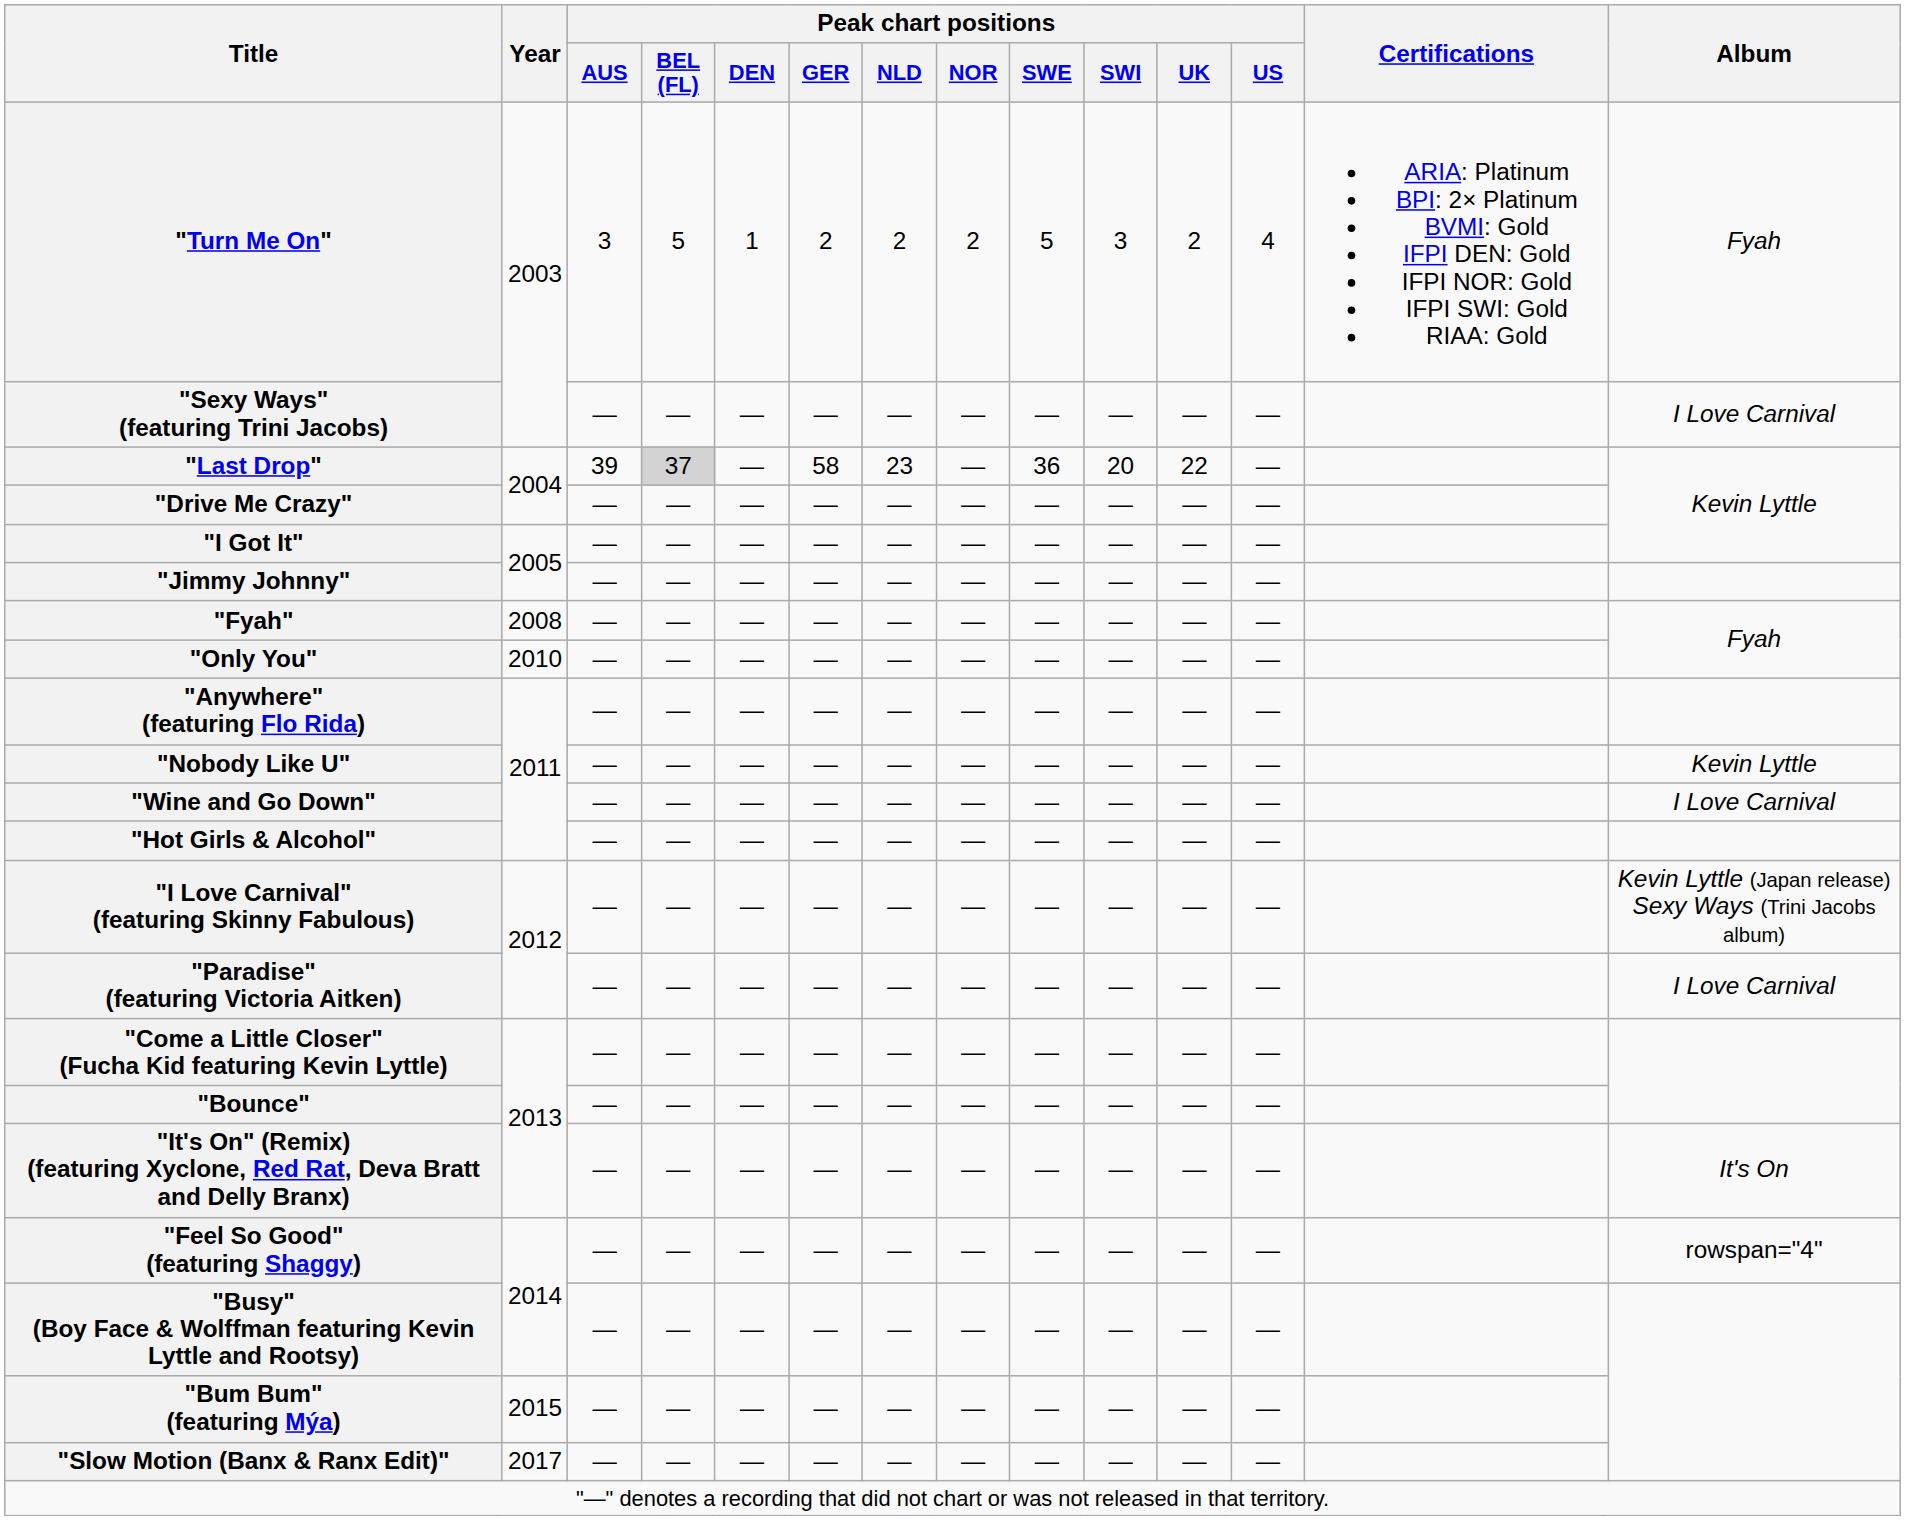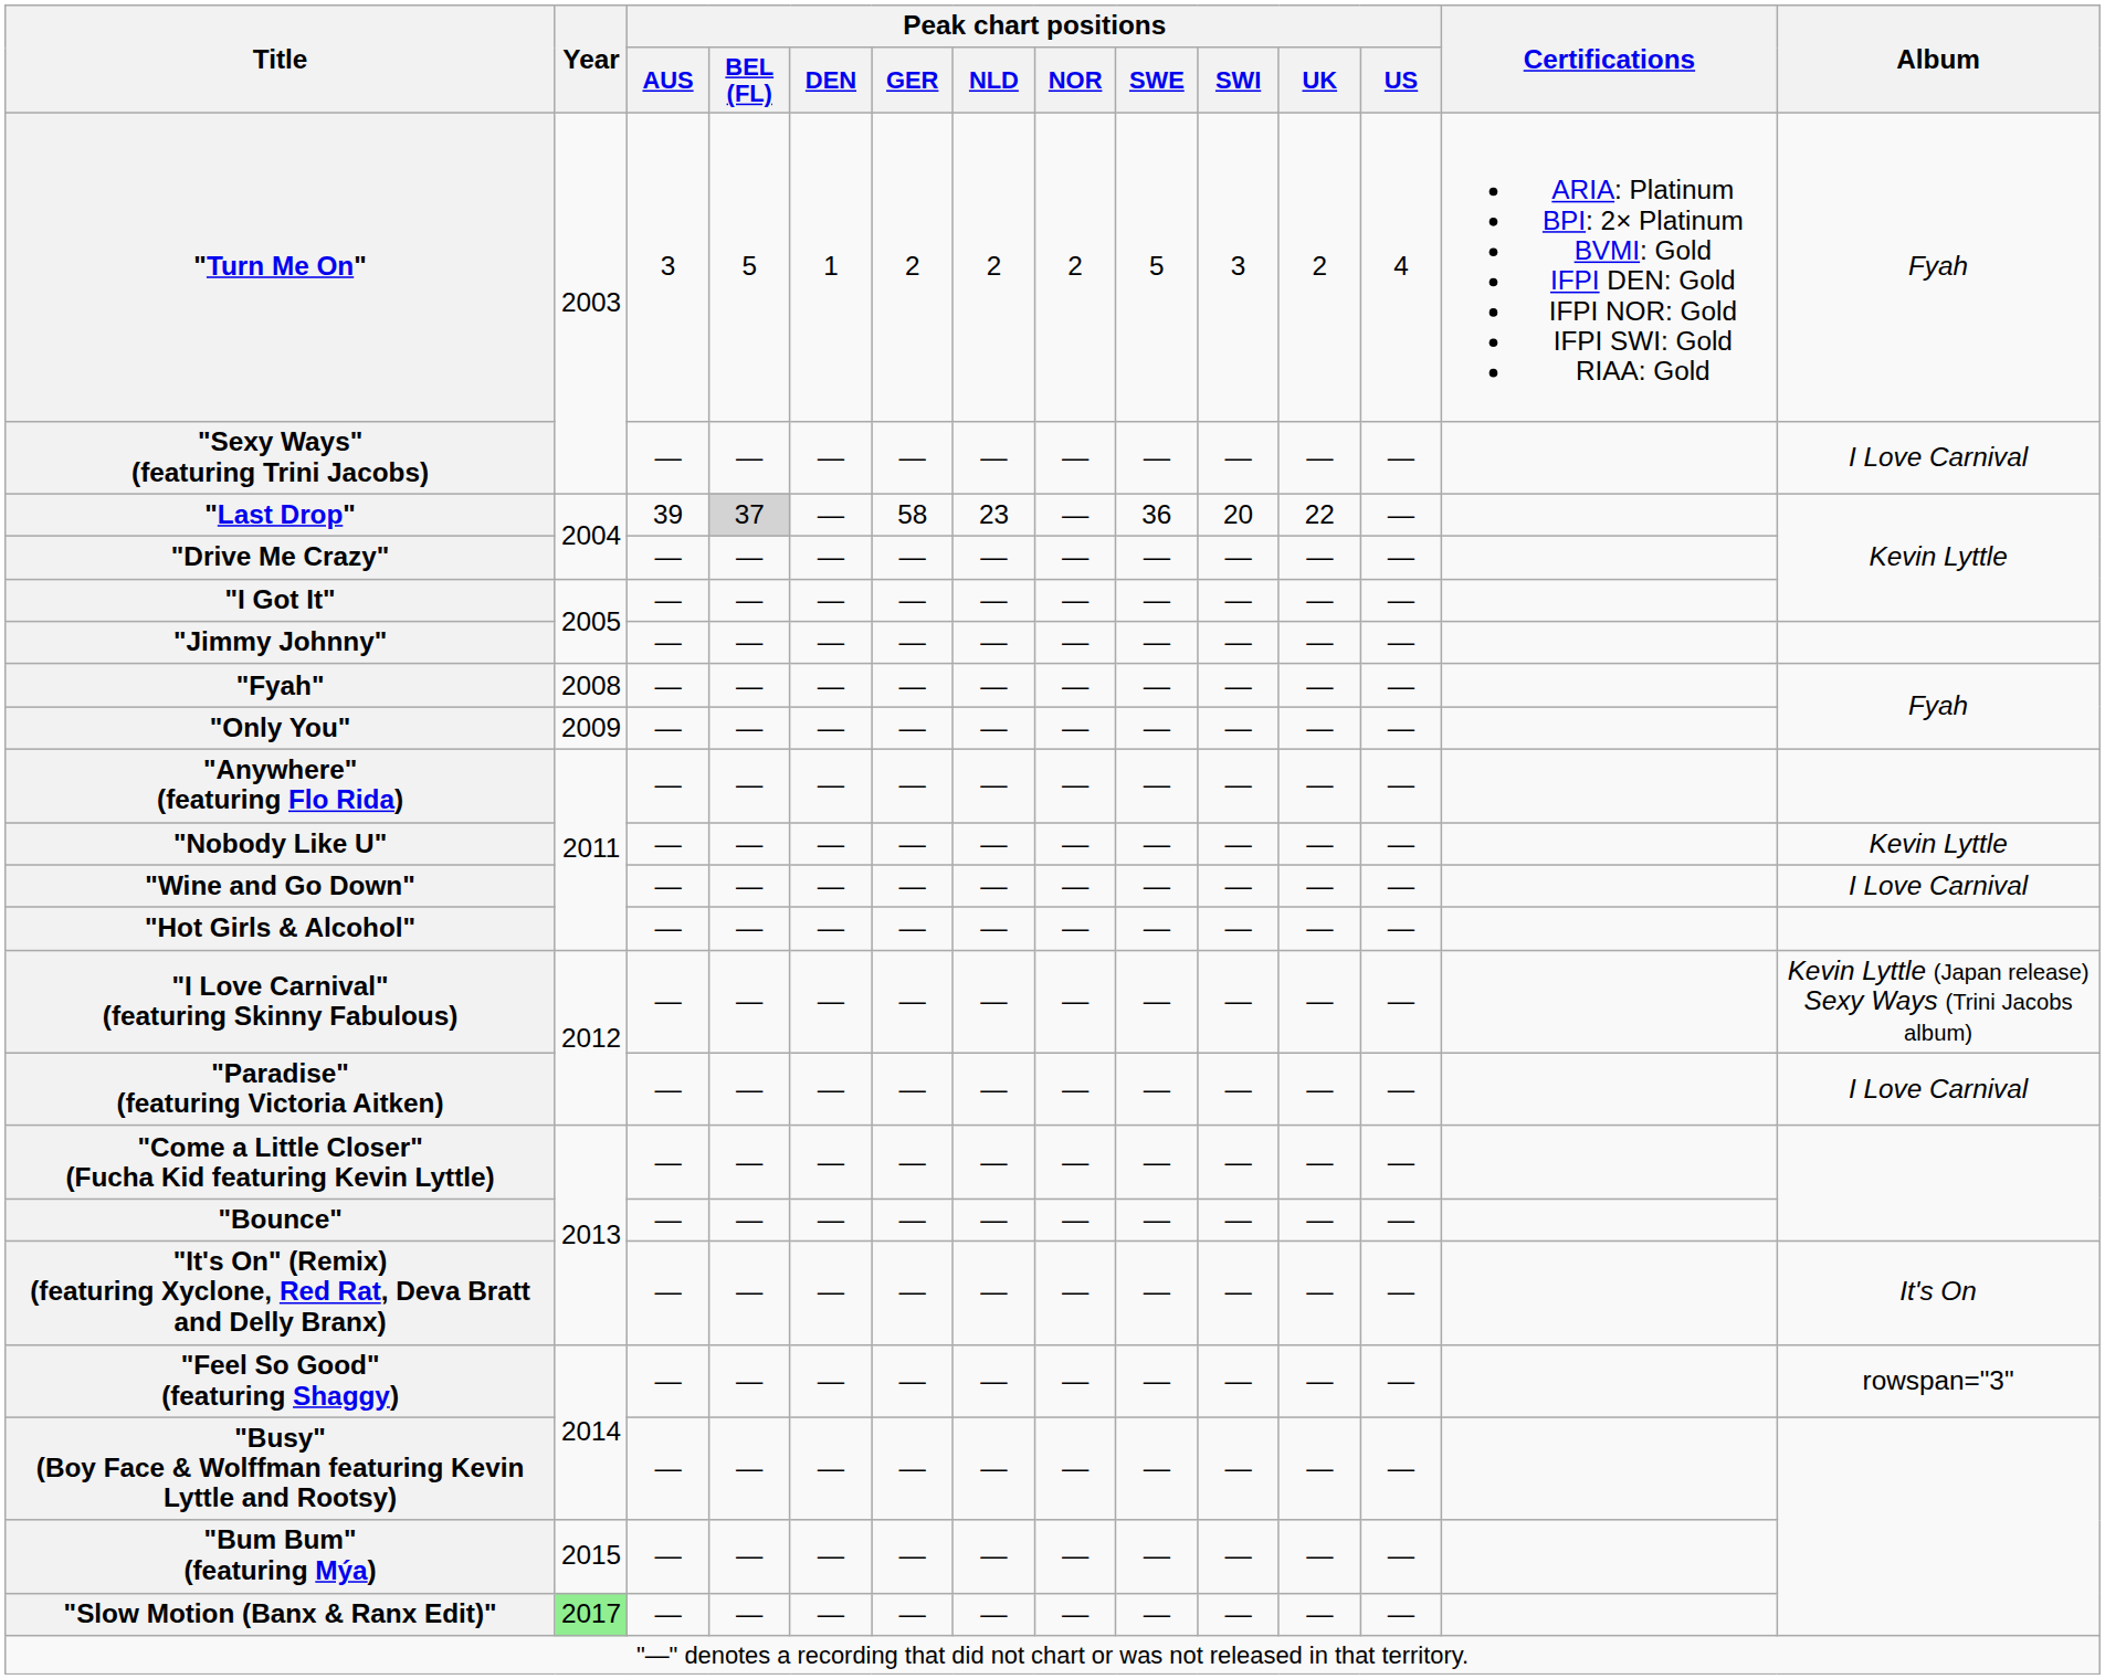 <table class="wikitable plainrowheaders" style="text-align:center;">
 <tr>
 <th scope="col" rowspan="2" style="width:20em;">Title</th>
 <th scope="col" rowspan="2">Year</th>
 <th scope="col" colspan="10">Peak chart positions</th>
 <th scope="col" rowspan="2" style="width:12em;"><a href='#'>Certifications</a></th>
 <th scope="col" rowspan="2">Album</th>
 </tr>
 <tr>
 <th scope="col" style="width:2.9em;font-size:90%;"><a href='#'>AUS</a><br></th>
 <th scope="col" style="width:2.9em;font-size:90%;"><a href='#'>BEL<br>(FL)</a><br></th>
 <th scope="col" style="width:2.9em;font-size:90%;"><a href='#'>DEN</a><br></th>
 <th scope="col" style="width:2.9em;font-size:90%;"><a href='#'>GER</a><br></th>
 <th scope="col" style="width:2.9em;font-size:90%;"><a href='#'>NLD</a><br></th>
 <th scope="col" style="width:2.9em;font-size:90%;"><a href='#'>NOR</a><br></th>
 <th scope="col" style="width:2.9em;font-size:90%;"><a href='#'>SWE</a><br></th>
 <th scope="col" style="width:2.9em;font-size:90%;"><a href='#'>SWI</a><br></th>
 <th scope="col" style="width:2.9em;font-size:90%;"><a href='#'>UK</a><br></th>
 <th scope="col" style="width:2.9em;font-size:90%;"><a href='#'>US</a><br></th>
 </tr>
 <tr>
 <th scope="row">"<a href='#'>Turn Me On</a>"</th>
 <td rowspan="2">2003</td>
 <td>3</td>
 <td>5</td>
 <td>1</td>
 <td>2</td>
 <td>2</td>
 <td>2</td>
 <td>5</td>
 <td>3</td>
 <td>2</td>
 <td>4</td>
 <td><br><ul><li><a href='#'>ARIA</a>: Platinum</li><li><a href='#'>BPI</a>: 2× Platinum</li><li><a href='#'>BVMI</a>: Gold</li><li><a href='#'>IFPI</a> DEN: Gold</li><li>IFPI NOR: Gold</li><li>IFPI SWI: Gold</li><li>RIAA: Gold</li></ul></td>
 <td><em>Fyah</em></td>
 </tr>
 <tr>
 <th scope="row">"Sexy Ways"<br><span>(featuring Trini Jacobs)</span></th>
 <td>—</td>
 <td>—</td>
 <td>—</td>
 <td>—</td>
 <td>—</td>
 <td>—</td>
 <td>—</td>
 <td>—</td>
 <td>—</td>
 <td>—</td>
 <td></td>
 <td><em>I Love Carnival</em></td>
 </tr>
 <tr>
 <th scope="row">"<a href='#'>Last Drop</a>"</th>
 <td rowspan="2">2004</td>
 <td>39</td>
 <td style="background: lightgrey;">37</td>
 <td>—</td>
 <td>58</td>
 <td>23</td>
 <td>—</td>
 <td>36</td>
 <td>20</td>
 <td>22</td>
 <td>—</td>
 <td></td>
 <td rowspan="3"><em>Kevin Lyttle</em></td>
 </tr>
 <tr>
 <th scope="row">"Drive Me Crazy"</th>
 <td>—</td>
 <td>—</td>
 <td>—</td>
 <td>—</td>
 <td>—</td>
 <td>—</td>
 <td>—</td>
 <td>—</td>
 <td>—</td>
 <td>—</td>
 <td></td>
 </tr>
 <tr>
 <th scope="row">"I Got It"</th>
 <td rowspan="2">2005</td>
 <td>—</td>
 <td>—</td>
 <td>—</td>
 <td>—</td>
 <td>—</td>
 <td>—</td>
 <td>—</td>
 <td>—</td>
 <td>—</td>
 <td>—</td>
 <td></td>
 </tr>
 <tr>
 <th scope="row">"Jimmy Johnny"</th>
 <td>—</td>
 <td>—</td>
 <td>—</td>
 <td>—</td>
 <td>—</td>
 <td>—</td>
 <td>—</td>
 <td>—</td>
 <td>—</td>
 <td>—</td>
 <td></td>
 <td></td>
 </tr>
 <tr>
 <th scope="row">"Fyah"</th>
 <td>2008</td>
 <td>—</td>
 <td>—</td>
 <td>—</td>
 <td>—</td>
 <td>—</td>
 <td>—</td>
 <td>—</td>
 <td>—</td>
 <td>—</td>
 <td>—</td>
 <td></td>
 <td rowspan="2"><em>Fyah</em></td>
 </tr>
 <tr>
 <th scope="row">"Only You"</th>
-<td>2010</td>
+<td>2009</td>
 <td>—</td>
 <td>—</td>
 <td>—</td>
 <td>—</td>
 <td>—</td>
 <td>—</td>
 <td>—</td>
 <td>—</td>
 <td>—</td>
 <td>—</td>
 <td></td>
 </tr>
 <tr>
 <th scope="row">"Anywhere"<br><span>(featuring <a href='#'>Flo Rida</a>)</span></th>
 <td rowspan="4">2011</td>
 <td>—</td>
 <td>—</td>
 <td>—</td>
 <td>—</td>
 <td>—</td>
 <td>—</td>
 <td>—</td>
 <td>—</td>
 <td>—</td>
 <td>—</td>
 <td></td>
 <td></td>
 </tr>
 <tr>
 <th scope="row">"Nobody Like U"</th>
 <td>—</td>
 <td>—</td>
 <td>—</td>
 <td>—</td>
 <td>—</td>
 <td>—</td>
 <td>—</td>
 <td>—</td>
 <td>—</td>
 <td>—</td>
 <td></td>
 <td><em>Kevin Lyttle</em></td>
 </tr>
 <tr>
 <th scope="row">"Wine and Go Down"</th>
 <td>—</td>
 <td>—</td>
 <td>—</td>
 <td>—</td>
 <td>—</td>
 <td>—</td>
 <td>—</td>
 <td>—</td>
 <td>—</td>
 <td>—</td>
 <td></td>
 <td><em>I Love Carnival</em></td>
 </tr>
 <tr>
 <th scope="row">"Hot Girls & Alcohol"</th>
 <td>—</td>
 <td>—</td>
 <td>—</td>
 <td>—</td>
 <td>—</td>
 <td>—</td>
 <td>—</td>
 <td>—</td>
 <td>—</td>
 <td>—</td>
 <td></td>
 <td></td>
 </tr>
 <tr>
 <th scope="row">"I Love Carnival"<br><span>(featuring Skinny Fabulous)</span></th>
 <td rowspan="2">2012</td>
 <td>—</td>
 <td>—</td>
 <td>—</td>
 <td>—</td>
 <td>—</td>
 <td>—</td>
 <td>—</td>
 <td>—</td>
 <td>—</td>
 <td>—</td>
 <td></td>
 <td><em>Kevin Lyttle</em> <small>(Japan release)</small><br><em>Sexy Ways</em> <small>(Trini Jacobs album)</small></td>
 </tr>
 <tr>
 <th scope="row">"Paradise"<br><span>(featuring Victoria Aitken)</span></th>
 <td>—</td>
 <td>—</td>
 <td>—</td>
 <td>—</td>
 <td>—</td>
 <td>—</td>
 <td>—</td>
 <td>—</td>
 <td>—</td>
 <td>—</td>
 <td></td>
 <td><em>I Love Carnival</em></td>
 </tr>
 <tr>
 <th scope="row">"Come a Little Closer"<br><span>(Fucha Kid featuring Kevin Lyttle)</span></th>
 <td rowspan="3">2013</td>
 <td>—</td>
 <td>—</td>
 <td>—</td>
 <td>—</td>
 <td>—</td>
 <td>—</td>
 <td>—</td>
 <td>—</td>
 <td>—</td>
 <td>—</td>
 <td></td>
 </tr>
 <tr>
 <th scope="row">"Bounce"</th>
 <td>—</td>
 <td>—</td>
 <td>—</td>
 <td>—</td>
 <td>—</td>
 <td>—</td>
 <td>—</td>
 <td>—</td>
 <td>—</td>
 <td>—</td>
 <td></td>
 </tr>
 <tr>
 <th scope="row">"It's On" (Remix)<br><span>(featuring Xyclone, <a href='#'>Red Rat</a>, Deva Bratt and Delly Branx)</span></th>
 <td>—</td>
 <td>—</td>
 <td>—</td>
 <td>—</td>
 <td>—</td>
 <td>—</td>
 <td>—</td>
 <td>—</td>
 <td>—</td>
 <td>—</td>
 <td></td>
 <td><em>It's On</em></td>
 </tr>
 <tr>
 <th scope="row">"Feel So Good"<br><span>(featuring <a href='#'>Shaggy</a>)</span></th>
 <td rowspan="2">2014</td>
 <td>—</td>
 <td>—</td>
 <td>—</td>
 <td>—</td>
 <td>—</td>
 <td>—</td>
 <td>—</td>
 <td>—</td>
 <td>—</td>
 <td>—</td>
 <td></td>
-<td>rowspan="4" </td>
+<td>rowspan="3" </td>
 </tr>
 <tr>
 <th scope="row">"Busy"<br><span>(Boy Face & Wolffman featuring Kevin Lyttle and Rootsy)</span></th>
 <td>—</td>
 <td>—</td>
 <td>—</td>
 <td>—</td>
 <td>—</td>
 <td>—</td>
 <td>—</td>
 <td>—</td>
 <td>—</td>
 <td>—</td>
 <td></td>
 </tr>
 <tr>
 <th scope="row">"Bum Bum"<br><span>(featuring <a href='#'>Mýa</a>)</span></th>
 <td>2015</td>
 <td>—</td>
 <td>—</td>
 <td>—</td>
 <td>—</td>
 <td>—</td>
 <td>—</td>
 <td>—</td>
 <td>—</td>
 <td>—</td>
 <td>—</td>
 <td></td>
 </tr>
 <tr>
 <th scope="row">"Slow Motion (Banx & Ranx Edit)"</th>
-<td>2017</td>
+<td style="background: lightgreen;">2017</td>
 <td>—</td>
 <td>—</td>
 <td>—</td>
 <td>—</td>
 <td>—</td>
 <td>—</td>
 <td>—</td>
 <td>—</td>
 <td>—</td>
 <td>—</td>
 <td></td>
 </tr>
 <tr>
 <td colspan="15" style="font-size:90%">"—" denotes a recording that did not chart or was not released in that territory.</td>
 </tr>
 </table>
